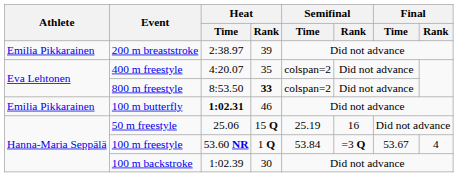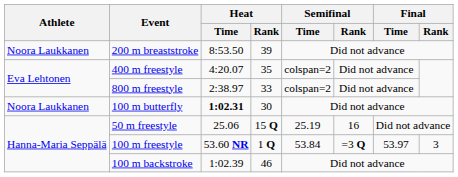 <table class=wikitable style="font-size:90%">
 <tr>
 <th rowspan="2">Athlete</th>
 <th rowspan="2">Event</th>
 <th colspan="2">Heat</th>
 <th colspan="2">Semifinal</th>
 <th colspan="2">Final</th>
 </tr>
 <tr style="font-size:95%">
 <th>Time</th>
 <th>Rank</th>
 <th>Time</th>
 <th>Rank</th>
 <th>Time</th>
 <th>Rank</th>
 </tr>
 <tr align=center>
-<td align=left><a href='#'>Emilia Pikkarainen</a></td>
+<td align=left><a href='#'>Noora Laukkanen</a></td>
 <td align=left><a href='#'>200 m breaststroke</a></td>
-<td>2:38.97</td>
+<td>8:53.50</td>
 <td>39</td>
 <td colspan=4>Did not advance</td>
 </tr>
 <tr align=center>
 <td align=left rowspan=2><a href='#'>Eva Lehtonen</a></td>
 <td align=left><a href='#'>400 m freestyle</a></td>
 <td>4:20.07</td>
 <td>35</td>
 <td>colspan=2 </td>
 <td colspan=2>Did not advance</td>
 </tr>
 <tr align=center>
 <td align=left><a href='#'>800 m freestyle</a></td>
-<td>8:53.50</td>
-<td><strong>33</strong></td>
+<td>2:38.97</td>
+<td>33</td>
 <td>colspan=2 </td>
 <td colspan=2>Did not advance</td>
 </tr>
 <tr align=center>
-<td align=left><a href='#'>Emilia Pikkarainen</a></td>
+<td align=left><a href='#'>Noora Laukkanen</a></td>
 <td align=left><a href='#'>100 m butterfly</a></td>
 <td><strong>1:02.31</strong></td>
-<td>46</td>
+<td>30</td>
 <td colspan=4>Did not advance</td>
 </tr>
 <tr align=center>
 <td align=left rowspan=3><a href='#'>Hanna-Maria Seppälä</a></td>
 <td align=left><a href='#'>50 m freestyle</a></td>
 <td>25.06</td>
 <td>15 <strong>Q</strong></td>
 <td>25.19</td>
 <td>16</td>
 <td colspan=2>Did not advance</td>
 </tr>
 <tr align=center>
 <td align=left><a href='#'>100 m freestyle</a></td>
 <td>53.60 <strong><a href='#'>NR</a></strong></td>
 <td>1 <strong>Q</strong></td>
 <td>53.84</td>
 <td>=3 <strong>Q</strong></td>
-<td>53.67</td>
-<td>4</td>
+<td>53.97</td>
+<td>3</td>
 </tr>
 <tr align=center>
 <td align=left><a href='#'>100 m backstroke</a></td>
 <td>1:02.39</td>
-<td>30</td>
+<td>46</td>
 <td colspan=4>Did not advance</td>
 </tr>
 </table>
